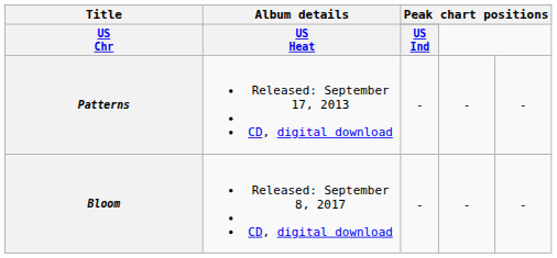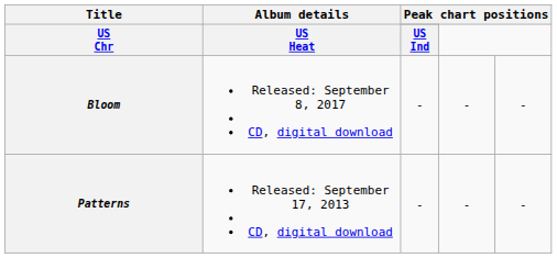 <table class="wikitable plainrowheaders" style="text-align:center;">
 <tr>
 <th scope="col" rowspan="2" style="width:16em;">Title</th>
 <th scope="col" rowspan="2" style="width:16em;">Album details</th>
 <th scope="col" colspan="3">Peak chart positions</th>
 </tr>
 <tr>
 </tr>
 <tr>
 <th style="width:3em; font-size:90%"><a href='#'>US<br>Chr</a></th>
 <th style="width:3em; font-size:90%"><a href='#'>US<br>Heat</a></th>
 <th style="width:3em; font-size:90%"><a href='#'>US<br>Ind</a></th>
 </tr>
 <tr>
+<th style="width:3em; font-size:90%"><em>Bloom</em></th>
+<td><br><ul><li>Released: September 8, 2017</li><li></li><li><a href='#'>CD</a>, <a href='#'>digital download</a></li></ul></td>
+<td>-</td>
+<td>-</td>
+<td>-</td>
+</tr>
+<tr>
 <th style="width:3em; font-size:90%"><em>Patterns</em></th>
 <td><br><ul><li>Released: September 17, 2013</li><li></li><li><a href='#'>CD</a>, <a href='#'>digital download</a></li></ul></td>
 <td>-</td>
 <td>-</td>
 <td>-</td>
 </tr>
-<tr>
-<th style="width:3em; font-size:90%"><em>Bloom</em></th>
-<td><br><ul><li>Released: September 8, 2017</li><li></li><li><a href='#'>CD</a>, <a href='#'>digital download</a></li></ul></td>
-<td>-</td>
-<td>-</td>
-<td>-</td>
-</tr>
 </table>
